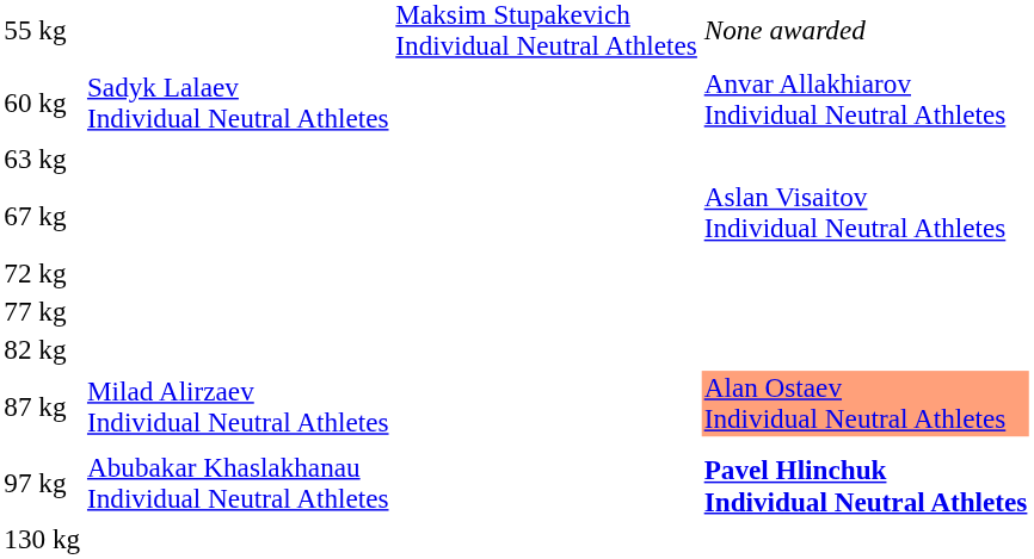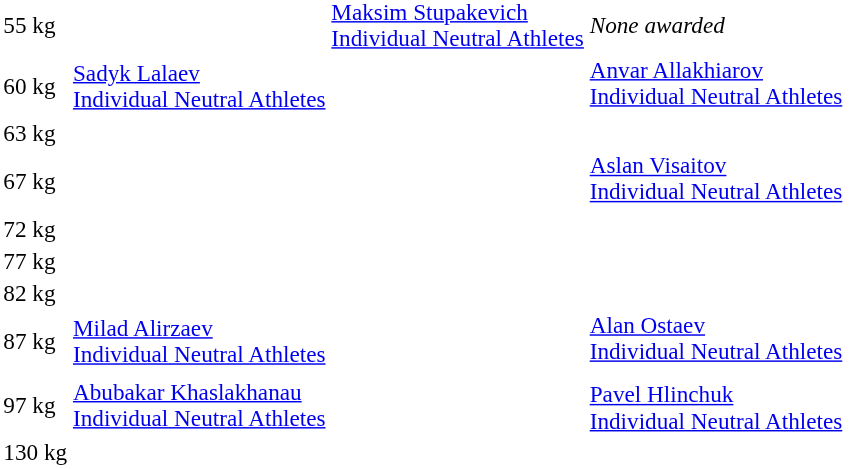 <table>
 <tr>
 <td>55 kg<br></td>
 <td></td>
 <td><a href='#'>Maksim Stupakevich</a><br><a href='#'>Individual Neutral Athletes</a></td>
 <td><em>None awarded</em></td>
 </tr>
 <tr>
 <td rowspan=2>60 kg<br></td>
 <td rowspan=2><a href='#'>Sadyk Lalaev</a><br><a href='#'>Individual Neutral Athletes</a></td>
 <td rowspan=2></td>
 <td><a href='#'>Anvar Allakhiarov</a><br><a href='#'>Individual Neutral Athletes</a></td>
 </tr>
 <tr>
 <td></td>
 </tr>
 <tr>
 <td rowspan=2>63 kg<br></td>
 <td rowspan=2></td>
 <td rowspan=2></td>
 <td></td>
 </tr>
 <tr>
 <td></td>
 </tr>
 <tr>
 <td rowspan=2>67 kg<br></td>
 <td rowspan=2></td>
 <td rowspan=2></td>
 <td><a href='#'>Aslan Visaitov</a><br><a href='#'>Individual Neutral Athletes</a></td>
 </tr>
 <tr>
 <td></td>
 </tr>
 <tr>
 <td rowspan=2>72 kg<br></td>
 <td rowspan=2></td>
 <td rowspan=2></td>
 <td></td>
 </tr>
 <tr>
 <td></td>
 </tr>
 <tr>
 <td rowspan=2>77 kg<br></td>
 <td rowspan=2></td>
 <td rowspan=2></td>
 <td></td>
 </tr>
 <tr>
 <td></td>
 </tr>
 <tr>
 <td rowspan=2>82 kg<br></td>
 <td rowspan=2></td>
 <td rowspan=2></td>
 <td></td>
 </tr>
 <tr>
 <td></td>
 </tr>
 <tr>
 <td rowspan=2>87 kg<br></td>
 <td rowspan=2><a href='#'>Milad Alirzaev</a><br><a href='#'>Individual Neutral Athletes</a></td>
 <td rowspan=2></td>
-<td style="background: lightsalmon;"><a href='#'>Alan Ostaev</a><br><a href='#'>Individual Neutral Athletes</a></td>
+<td><a href='#'>Alan Ostaev</a><br><a href='#'>Individual Neutral Athletes</a></td>
 </tr>
 <tr>
 <td></td>
 </tr>
 <tr>
 <td rowspan=2>97 kg<br></td>
 <td rowspan=2><a href='#'>Abubakar Khaslakhanau</a><br><a href='#'>Individual Neutral Athletes</a></td>
 <td rowspan=2></td>
 <td></td>
 </tr>
 <tr>
-<td><strong><a href='#'>Pavel Hlinchuk</a><br><a href='#'>Individual Neutral Athletes</a></strong></td>
+<td><a href='#'>Pavel Hlinchuk</a><br><a href='#'>Individual Neutral Athletes</a></td>
 </tr>
 <tr>
 <td rowspan=2>130 kg<br></td>
 <td rowspan=2></td>
 <td rowspan=2></td>
 <td></td>
 </tr>
 <tr>
 <td></td>
 </tr>
 </table>
